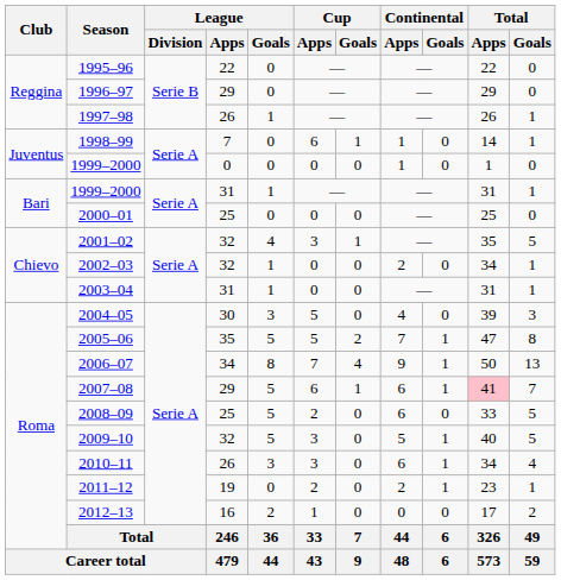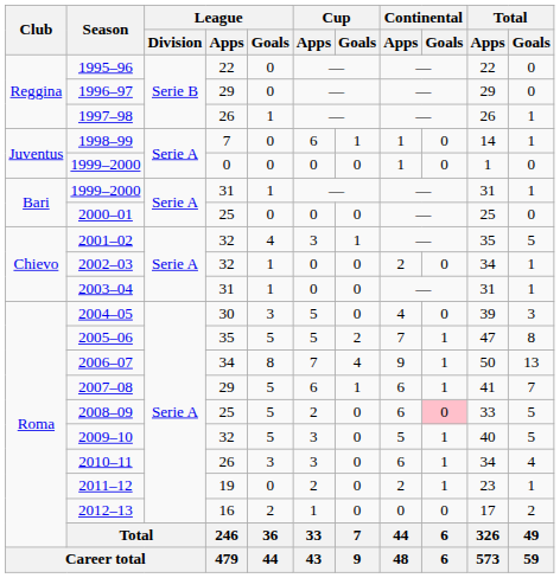 <table class="wikitable" style="text-align:center">
 <tr>
 <th rowspan="2">Club</th>
 <th rowspan="2">Season</th>
 <th colspan="3">League</th>
 <th colspan="2">Cup</th>
 <th colspan="2">Continental</th>
 <th colspan="2">Total</th>
 </tr>
 <tr>
 <th>Division</th>
 <th>Apps</th>
 <th>Goals</th>
 <th>Apps</th>
 <th>Goals</th>
 <th>Apps</th>
 <th>Goals</th>
 <th>Apps</th>
 <th>Goals</th>
 </tr>
 <tr>
 <td rowspan="3"><a href='#'>Reggina</a></td>
 <td><a href='#'>1995–96</a></td>
 <td rowspan="3"><a href='#'>Serie B</a></td>
 <td>22</td>
 <td>0</td>
 <td colspan="2">—</td>
 <td colspan="2">—</td>
 <td>22</td>
 <td>0</td>
 </tr>
 <tr>
 <td><a href='#'>1996–97</a></td>
 <td>29</td>
 <td>0</td>
 <td colspan="2">—</td>
 <td colspan="2">—</td>
 <td>29</td>
 <td>0</td>
 </tr>
 <tr>
 <td><a href='#'>1997–98</a></td>
 <td>26</td>
 <td>1</td>
 <td colspan="2">—</td>
 <td colspan="2">—</td>
 <td>26</td>
 <td>1</td>
 </tr>
 <tr>
 <td rowspan="2"><a href='#'>Juventus</a></td>
 <td><a href='#'>1998–99</a></td>
 <td rowspan="2"><a href='#'>Serie A</a></td>
 <td>7</td>
 <td>0</td>
 <td>6</td>
 <td>1</td>
 <td>1</td>
 <td>0</td>
 <td>14</td>
 <td>1</td>
 </tr>
 <tr>
 <td><a href='#'>1999–2000</a></td>
 <td>0</td>
 <td>0</td>
 <td>0</td>
 <td>0</td>
 <td>1</td>
 <td>0</td>
 <td>1</td>
 <td>0</td>
 </tr>
 <tr>
 <td rowspan="2"><a href='#'>Bari</a></td>
 <td><a href='#'>1999–2000</a></td>
 <td rowspan="2"><a href='#'>Serie A</a></td>
 <td>31</td>
 <td>1</td>
 <td colspan="2">—</td>
 <td colspan="2">—</td>
 <td>31</td>
 <td>1</td>
 </tr>
 <tr>
 <td><a href='#'>2000–01</a></td>
 <td>25</td>
 <td>0</td>
 <td>0</td>
 <td>0</td>
 <td colspan="2">—</td>
 <td>25</td>
 <td>0</td>
 </tr>
 <tr>
 <td rowspan="3"><a href='#'>Chievo</a></td>
 <td><a href='#'>2001–02</a></td>
 <td rowspan="3"><a href='#'>Serie A</a></td>
 <td>32</td>
 <td>4</td>
 <td>3</td>
 <td>1</td>
 <td colspan="2">—</td>
 <td>35</td>
 <td>5</td>
 </tr>
 <tr>
 <td><a href='#'>2002–03</a></td>
 <td>32</td>
 <td>1</td>
 <td>0</td>
 <td>0</td>
 <td>2</td>
 <td>0</td>
 <td>34</td>
 <td>1</td>
 </tr>
 <tr>
 <td><a href='#'>2003–04</a></td>
 <td>31</td>
 <td>1</td>
 <td>0</td>
 <td>0</td>
 <td colspan="2">—</td>
 <td>31</td>
 <td>1</td>
 </tr>
 <tr>
 <td rowspan="10"><a href='#'>Roma</a></td>
 <td><a href='#'>2004–05</a></td>
 <td rowspan="9"><a href='#'>Serie A</a></td>
 <td>30</td>
 <td>3</td>
 <td>5</td>
 <td>0</td>
 <td>4</td>
 <td>0</td>
 <td>39</td>
 <td>3</td>
 </tr>
 <tr>
 <td><a href='#'>2005–06</a></td>
 <td>35</td>
 <td>5</td>
 <td>5</td>
 <td>2</td>
 <td>7</td>
 <td>1</td>
 <td>47</td>
 <td>8</td>
 </tr>
 <tr>
 <td><a href='#'>2006–07</a></td>
 <td>34</td>
 <td>8</td>
 <td>7</td>
 <td>4</td>
 <td>9</td>
 <td>1</td>
 <td>50</td>
 <td>13</td>
 </tr>
 <tr>
 <td><a href='#'>2007–08</a></td>
 <td>29</td>
 <td>5</td>
 <td>6</td>
 <td>1</td>
 <td>6</td>
 <td>1</td>
-<td style="background: pink;">41</td>
+<td>41</td>
 <td>7</td>
 </tr>
 <tr>
 <td><a href='#'>2008–09</a></td>
 <td>25</td>
 <td>5</td>
 <td>2</td>
 <td>0</td>
 <td>6</td>
-<td>0</td>
+<td style="background: pink;">0</td>
 <td>33</td>
 <td>5</td>
 </tr>
 <tr>
 <td><a href='#'>2009–10</a></td>
 <td>32</td>
 <td>5</td>
 <td>3</td>
 <td>0</td>
 <td>5</td>
 <td>1</td>
 <td>40</td>
 <td>5</td>
 </tr>
 <tr>
 <td><a href='#'>2010–11</a></td>
 <td>26</td>
 <td>3</td>
 <td>3</td>
 <td>0</td>
 <td>6</td>
 <td>1</td>
 <td>34</td>
 <td>4</td>
 </tr>
 <tr>
 <td><a href='#'>2011–12</a></td>
 <td>19</td>
 <td>0</td>
 <td>2</td>
 <td>0</td>
 <td>2</td>
 <td>1</td>
 <td>23</td>
 <td>1</td>
 </tr>
 <tr>
 <td><a href='#'>2012–13</a></td>
 <td>16</td>
 <td>2</td>
 <td>1</td>
 <td>0</td>
 <td>0</td>
 <td>0</td>
 <td>17</td>
 <td>2</td>
 </tr>
 <tr>
 <th colspan=2>Total</th>
 <th>246</th>
 <th>36</th>
 <th>33</th>
 <th>7</th>
 <th>44</th>
 <th>6</th>
 <th>326</th>
 <th>49</th>
 </tr>
 <tr>
 <th colspan=3>Career total</th>
 <th>479</th>
 <th>44</th>
 <th>43</th>
 <th>9</th>
 <th>48</th>
 <th>6</th>
 <th>573</th>
 <th>59</th>
 </tr>
 </table>
